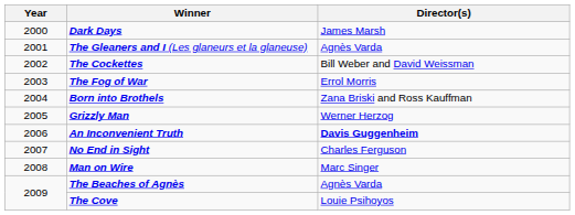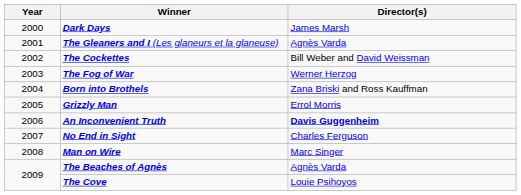 <table class="wikitable" width="95%" cellpadding="5">
 <tr>
 <th width="100"><strong>Year</strong></th>
 <th width="450"><strong>Winner</strong></th>
 <th width="450"><strong>Director(s)</strong></th>
 </tr>
 <tr>
 <td style="text-align:center;">2000</td>
 <td><strong><em><a href='#'>Dark Days</a></em></strong></td>
 <td><a href='#'>James Marsh</a></td>
 </tr>
 <tr>
 <td style="text-align:center;">2001</td>
 <td><em><a href='#'><strong>The Gleaners and I</strong> (Les glaneurs et la glaneuse)</a></em></td>
 <td><a href='#'>Agnès Varda</a></td>
 </tr>
 <tr>
 <td style="text-align:center;">2002</td>
 <td><strong><em><a href='#'>The Cockettes</a></em></strong></td>
 <td>Bill Weber and <a href='#'>David Weissman</a></td>
 </tr>
 <tr>
 <td style="text-align:center;">2003</td>
 <td><strong><em><a href='#'>The Fog of War</a></em></strong></td>
-<td><a href='#'>Errol Morris</a></td>
+<td><a href='#'>Werner Herzog</a></td>
 </tr>
 <tr>
 <td style="text-align:center;">2004</td>
 <td><strong><em><a href='#'>Born into Brothels</a></em></strong></td>
 <td><a href='#'>Zana Briski</a> and Ross Kauffman</td>
 </tr>
 <tr>
 <td style="text-align:center;">2005</td>
 <td><strong><em><a href='#'>Grizzly Man</a></em></strong></td>
-<td><a href='#'>Werner Herzog</a></td>
+<td><a href='#'>Errol Morris</a></td>
 </tr>
 <tr>
 <td style="text-align:center;">2006</td>
 <td><strong><em><a href='#'>An Inconvenient Truth</a></em></strong></td>
 <td><strong><a href='#'>Davis Guggenheim</a></strong></td>
 </tr>
 <tr>
 <td style="text-align:center;">2007</td>
 <td><strong><em><a href='#'>No End in Sight</a></em></strong></td>
 <td><a href='#'>Charles Ferguson</a></td>
 </tr>
 <tr>
 <td style="text-align:center;">2008</td>
 <td><strong><em><a href='#'>Man on Wire</a></em></strong></td>
 <td><a href='#'>Marc Singer</a></td>
 </tr>
 <tr>
 <td rowspan="2" style="text-align:center;">2009</td>
 <td><strong><em><a href='#'>The Beaches of Agnès</a></em></strong></td>
 <td><a href='#'>Agnès Varda</a></td>
 </tr>
 <tr>
 <td><strong><em><a href='#'>The Cove</a></em></strong></td>
 <td><a href='#'>Louie Psihoyos</a></td>
 </tr>
 </table>
